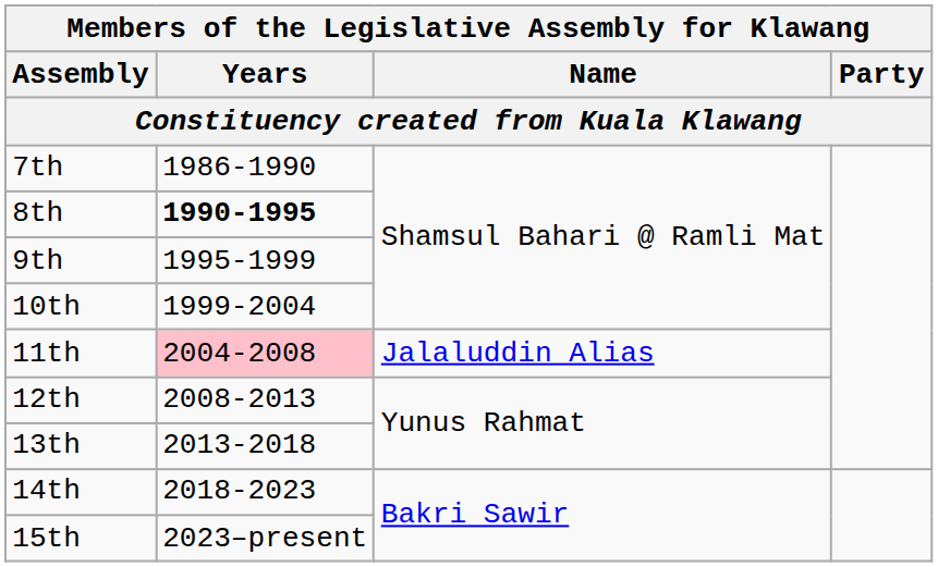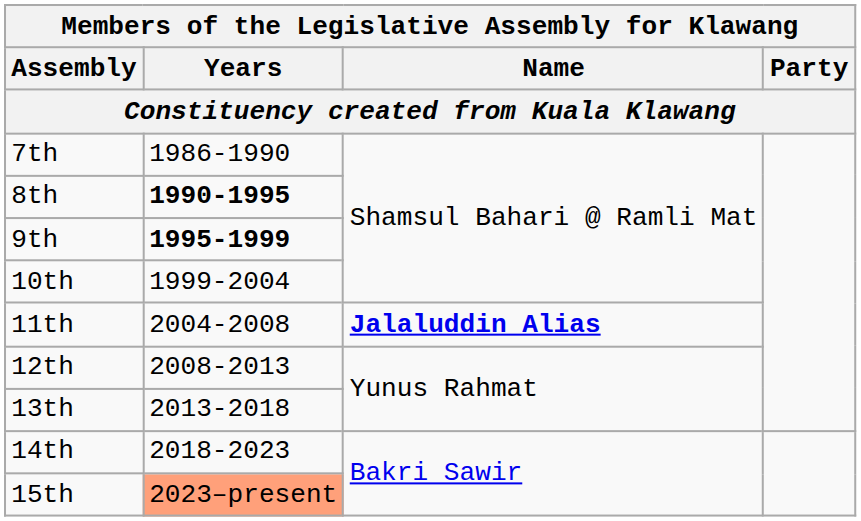 <table class="wikitable">
 <tr>
 <th colspan="4">Members of the Legislative Assembly for Klawang</th>
 </tr>
 <tr>
 <th>Assembly</th>
 <th>Years</th>
 <th>Name</th>
 <th>Party</th>
 </tr>
 <tr>
 <th colspan="4" align="center"><em>Constituency created from Kuala Klawang</em></th>
 </tr>
 <tr>
 <td>7th</td>
 <td>1986-1990</td>
 <td rowspan="4">Shamsul Bahari @ Ramli Mat</td>
 <td rowspan="7"></td>
 </tr>
 <tr>
 <td>8th</td>
 <td><strong>1990-1995</strong></td>
 </tr>
 <tr>
 <td>9th</td>
-<td>1995-1999</td>
+<td><strong>1995-1999</strong></td>
 </tr>
 <tr>
 <td>10th</td>
 <td>1999-2004</td>
 </tr>
 <tr>
 <td>11th</td>
-<td style="background: pink;">2004-2008</td>
-<td><a href='#'>Jalaluddin Alias</a></td>
+<td>2004-2008</td>
+<td><strong><a href='#'>Jalaluddin Alias</a></strong></td>
 </tr>
 <tr>
 <td>12th</td>
 <td>2008-2013</td>
 <td rowspan="2">Yunus Rahmat</td>
 </tr>
 <tr>
 <td>13th</td>
 <td>2013-2018</td>
 </tr>
 <tr>
 <td>14th</td>
 <td>2018-2023</td>
 <td rowspan="2"><a href='#'>Bakri Sawir</a></td>
 <td rowspan="2"></td>
 </tr>
 <tr>
 <td>15th</td>
-<td>2023–present</td>
+<td style="background: lightsalmon;">2023–present</td>
 </tr>
 </table>
